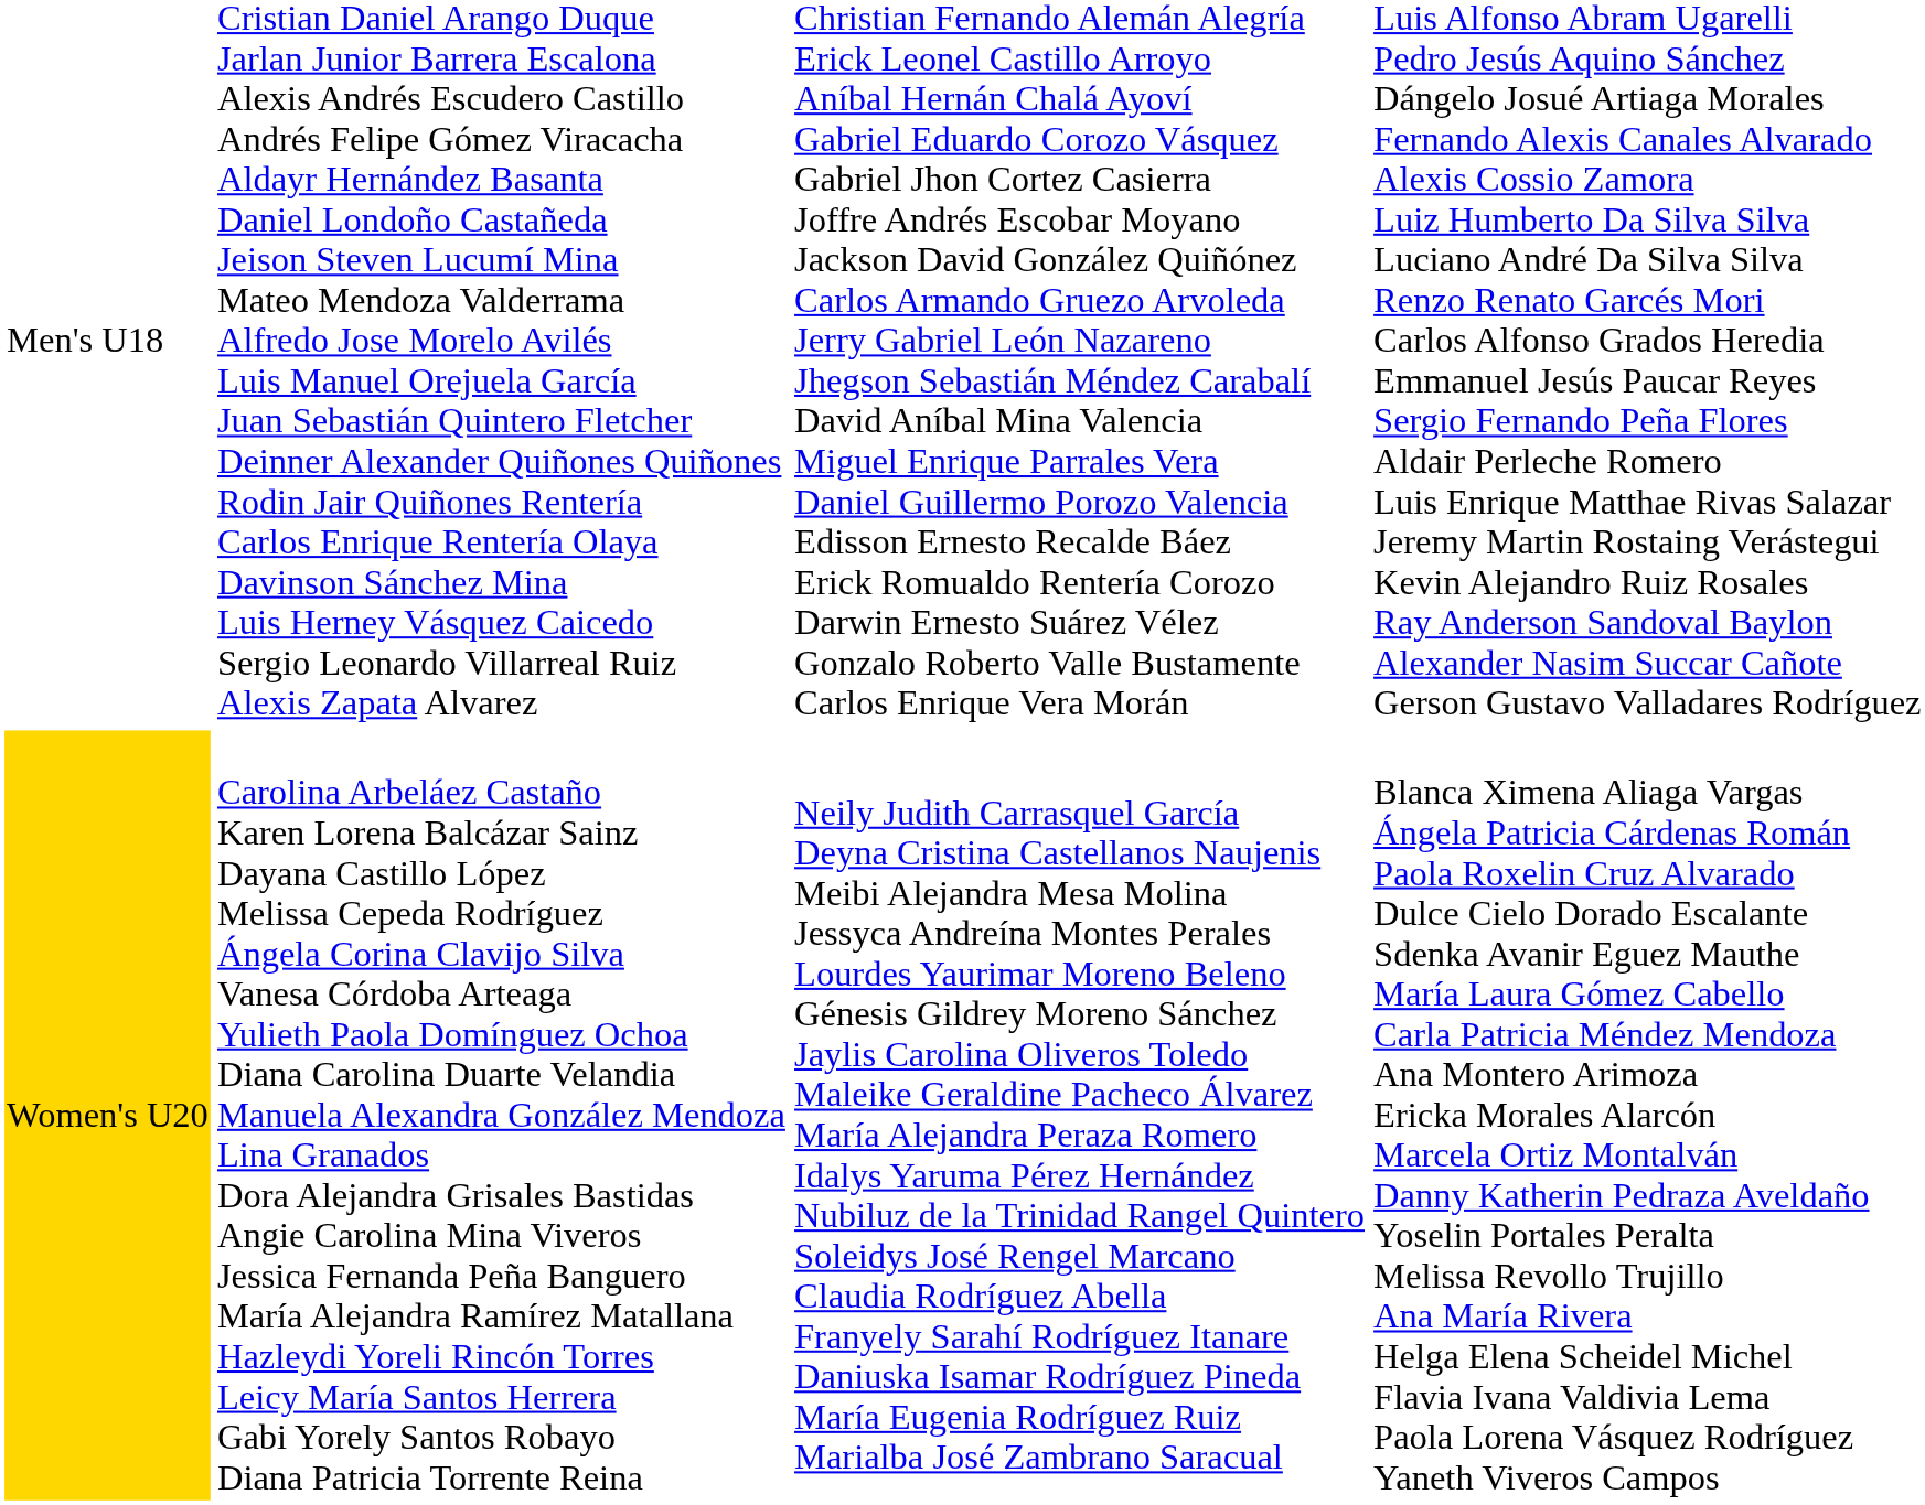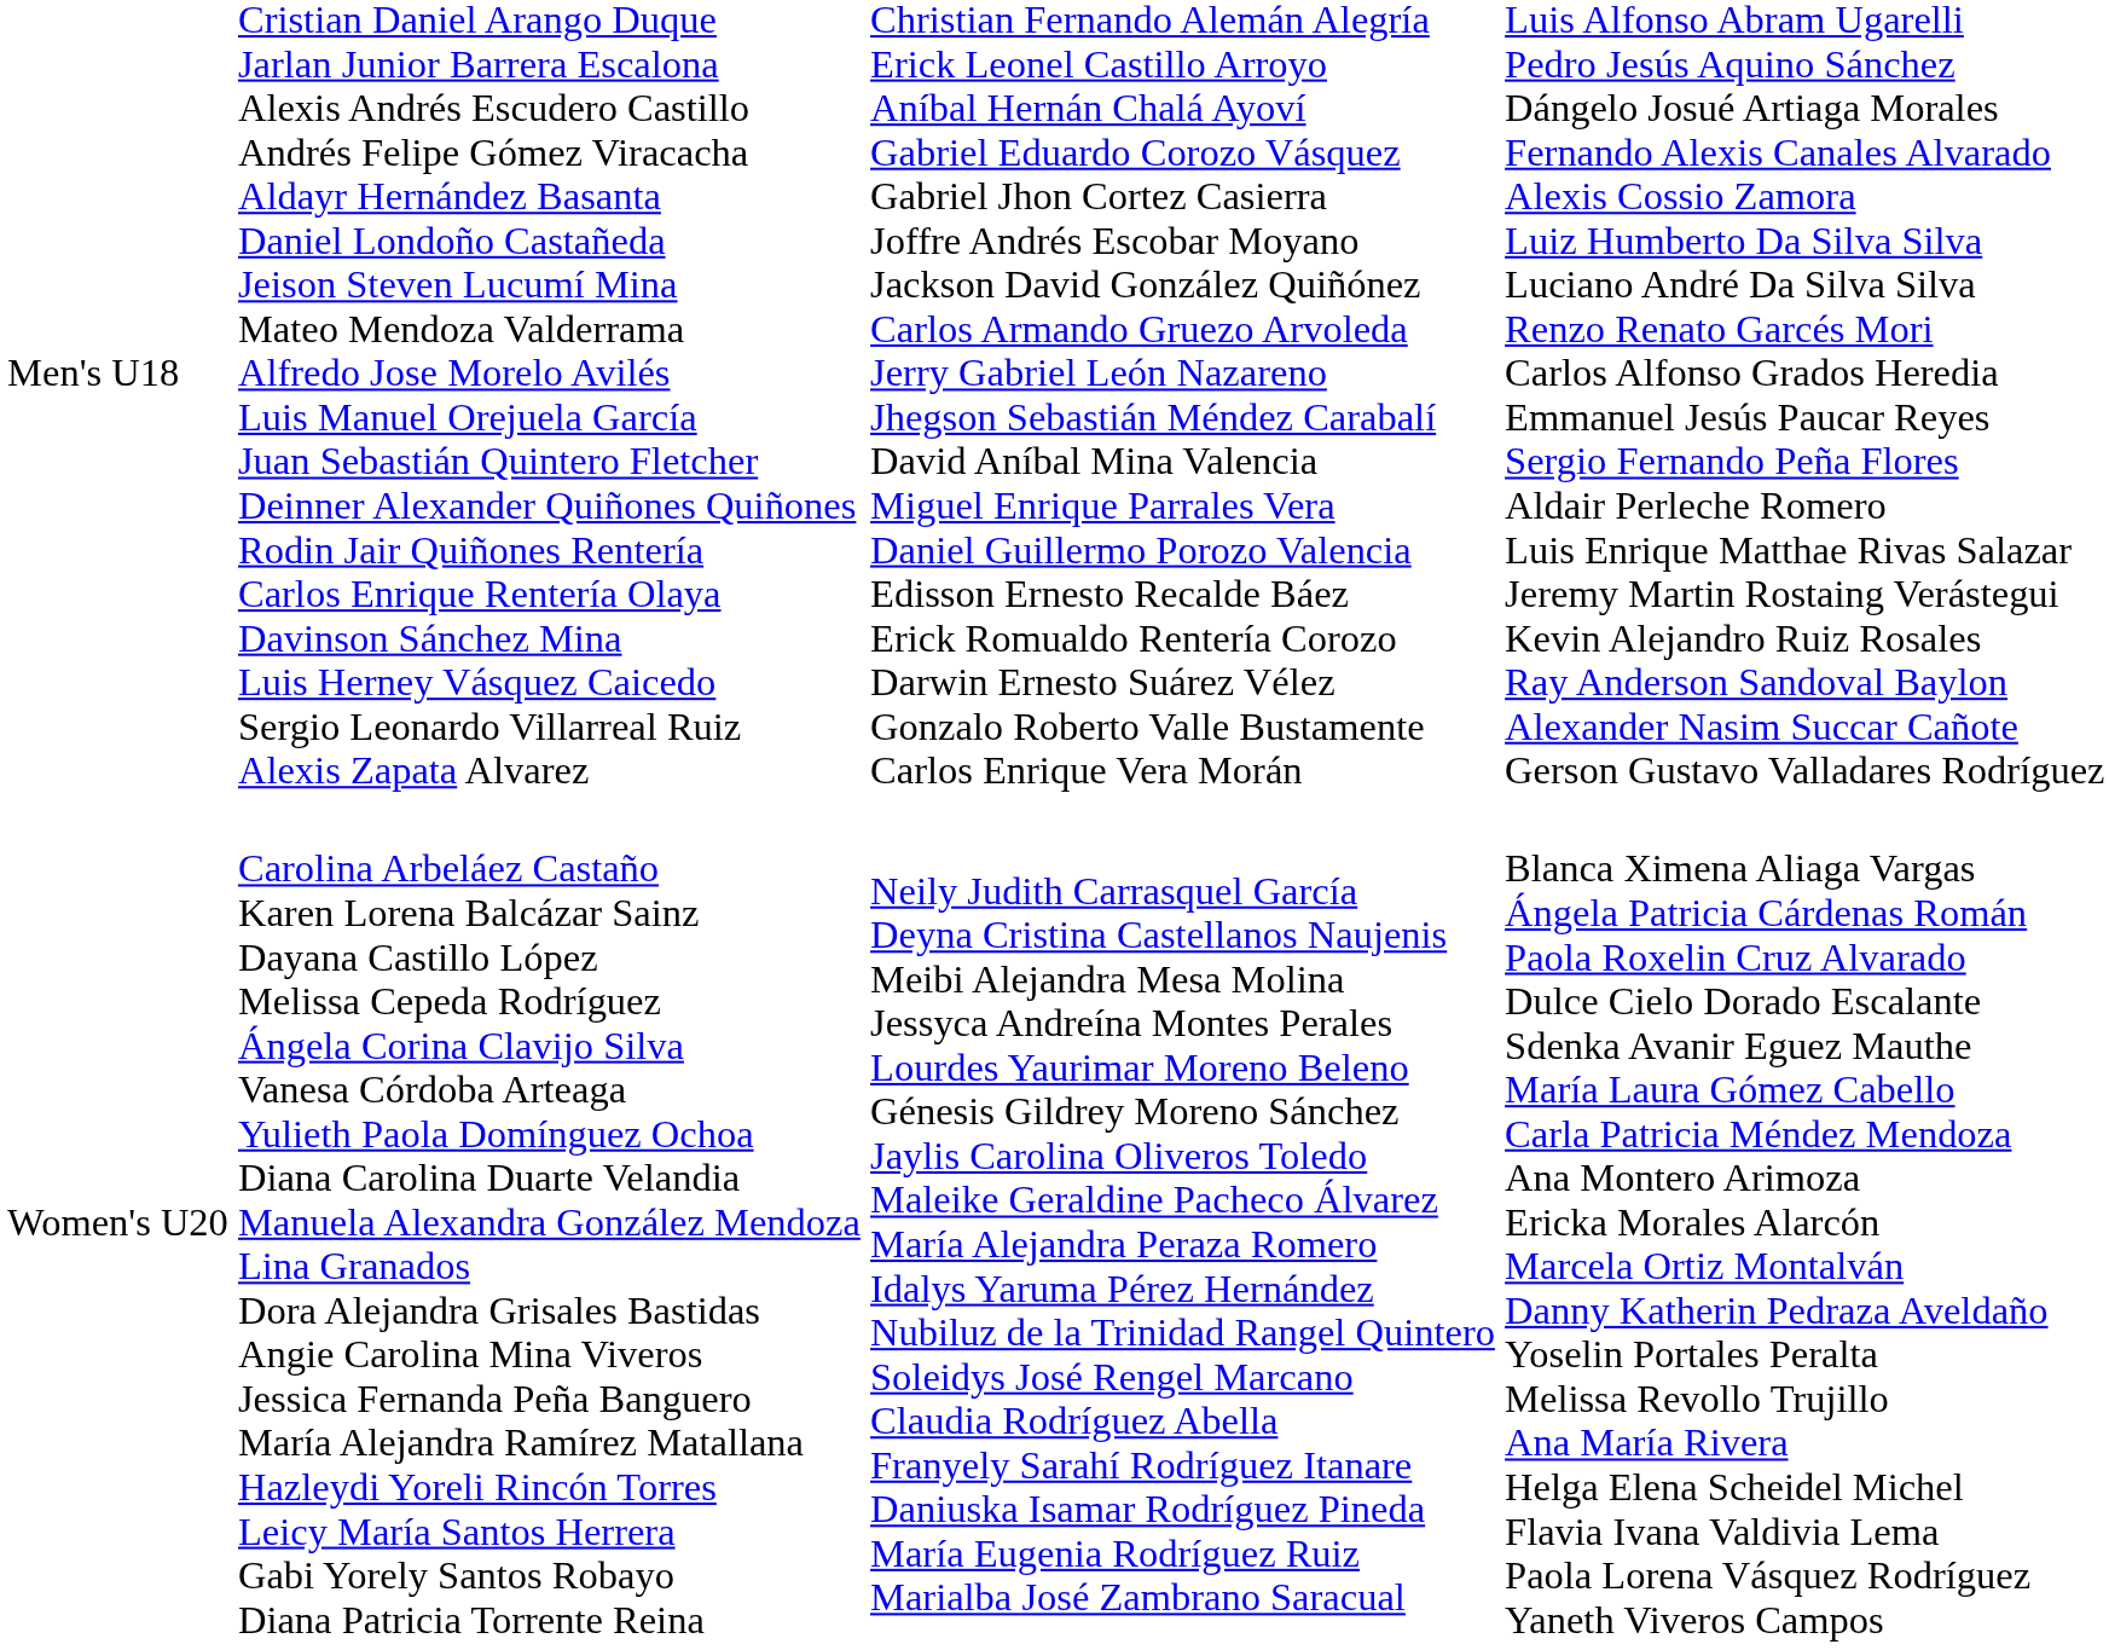 <table>
 <tr>
 <td>Men's U18</td>
 <td><br><a href='#'>Cristian Daniel Arango Duque</a><br><a href='#'>Jarlan Junior Barrera Escalona</a><br>Alexis Andrés Escudero Castillo<br>Andrés Felipe Gómez Viracacha<br><a href='#'>Aldayr Hernández Basanta</a><br><a href='#'>Daniel Londoño Castañeda</a><br><a href='#'>Jeison Steven Lucumí Mina</a><br>Mateo Mendoza Valderrama<br><a href='#'>Alfredo Jose Morelo Avilés</a><br><a href='#'>Luis Manuel Orejuela García</a><br><a href='#'>Juan Sebastián Quintero Fletcher</a><br><a href='#'>Deinner Alexander Quiñones Quiñones</a><br><a href='#'>Rodin Jair Quiñones Rentería</a><br><a href='#'>Carlos Enrique Rentería Olaya</a><br><a href='#'>Davinson Sánchez Mina</a><br><a href='#'>Luis Herney Vásquez Caicedo</a><br>Sergio Leonardo Villarreal Ruiz<br><a href='#'>Alexis Zapata</a> Alvarez</td>
 <td><br><a href='#'>Christian Fernando Alemán Alegría</a><br><a href='#'>Erick Leonel Castillo Arroyo</a><br><a href='#'>Aníbal Hernán Chalá Ayoví</a><br><a href='#'>Gabriel Eduardo Corozo Vásquez</a><br>Gabriel Jhon Cortez Casierra<br>Joffre Andrés Escobar Moyano<br>Jackson David González Quiñónez<br><a href='#'>Carlos Armando Gruezo Arvoleda</a><br><a href='#'>Jerry Gabriel León Nazareno</a><br><a href='#'>Jhegson Sebastián Méndez Carabalí</a><br>David Aníbal Mina Valencia<br><a href='#'>Miguel Enrique Parrales Vera</a><br><a href='#'>Daniel Guillermo Porozo Valencia</a><br>Edisson Ernesto Recalde Báez<br>Erick Romualdo Rentería Corozo<br>Darwin Ernesto Suárez Vélez<br>Gonzalo Roberto Valle Bustamente<br>Carlos Enrique Vera Morán</td>
 <td><br><a href='#'>Luis Alfonso Abram Ugarelli</a><br><a href='#'>Pedro Jesús Aquino Sánchez</a><br>Dángelo Josué Artiaga Morales<br><a href='#'>Fernando Alexis Canales Alvarado</a><br><a href='#'>Alexis Cossio Zamora</a><br><a href='#'>Luiz Humberto Da Silva Silva</a><br>Luciano André Da Silva Silva<br><a href='#'>Renzo Renato Garcés Mori</a><br>Carlos Alfonso Grados Heredia<br>Emmanuel Jesús Paucar Reyes<br><a href='#'>Sergio Fernando Peña Flores</a><br>Aldair Perleche Romero<br>Luis Enrique Matthae Rivas Salazar<br>Jeremy Martin Rostaing Verástegui<br>Kevin Alejandro Ruiz Rosales<br><a href='#'>Ray Anderson Sandoval Baylon</a><br><a href='#'>Alexander Nasim Succar Cañote</a><br>Gerson Gustavo Valladares Rodríguez</td>
 </tr>
 <tr>
-<td style="background: gold;">Women's U20</td>
+<td>Women's U20</td>
 <td><br><a href='#'>Carolina Arbeláez Castaño</a><br>Karen Lorena Balcázar Sainz<br>Dayana Castillo López<br>Melissa Cepeda Rodríguez<br><a href='#'>Ángela Corina Clavijo Silva</a><br>Vanesa Córdoba Arteaga<br><a href='#'>Yulieth Paola Domínguez Ochoa</a><br>Diana Carolina Duarte Velandia<br><a href='#'>Manuela Alexandra González Mendoza</a><br><a href='#'>Lina Granados</a><br>Dora Alejandra Grisales Bastidas<br>Angie Carolina Mina Viveros<br>Jessica Fernanda Peña Banguero<br>María Alejandra Ramírez Matallana<br><a href='#'>Hazleydi Yoreli Rincón Torres</a><br><a href='#'>Leicy María Santos Herrera</a><br>Gabi Yorely Santos Robayo<br>Diana Patricia Torrente Reina</td>
 <td><br><a href='#'>Neily Judith Carrasquel García</a><br><a href='#'>Deyna Cristina Castellanos Naujenis</a><br>Meibi Alejandra Mesa Molina<br>Jessyca Andreína Montes Perales<br><a href='#'>Lourdes Yaurimar Moreno Beleno</a><br>Génesis Gildrey Moreno Sánchez<br><a href='#'>Jaylis Carolina Oliveros Toledo</a><br><a href='#'>Maleike Geraldine Pacheco Álvarez</a><br><a href='#'>María Alejandra Peraza Romero</a><br><a href='#'>Idalys Yaruma Pérez Hernández</a><br><a href='#'>Nubiluz de la Trinidad Rangel Quintero</a><br><a href='#'>Soleidys José Rengel Marcano</a><br><a href='#'>Claudia Rodríguez Abella</a><br><a href='#'>Franyely Sarahí Rodríguez Itanare</a><br><a href='#'>Daniuska Isamar Rodríguez Pineda</a><br><a href='#'>María Eugenia Rodríguez Ruiz</a><br><a href='#'>Marialba José Zambrano Saracual</a></td>
 <td><br>Blanca Ximena Aliaga Vargas<br><a href='#'>Ángela Patricia Cárdenas Román</a><br><a href='#'>Paola Roxelin Cruz Alvarado</a><br>Dulce Cielo Dorado Escalante<br>Sdenka Avanir Eguez Mauthe<br><a href='#'>María Laura Gómez Cabello</a><br><a href='#'>Carla Patricia Méndez Mendoza</a><br>Ana Montero Arimoza<br>Ericka Morales Alarcón<br><a href='#'>Marcela Ortiz Montalván</a><br><a href='#'>Danny Katherin Pedraza Aveldaño</a><br>Yoselin Portales Peralta<br>Melissa Revollo Trujillo<br><a href='#'>Ana María Rivera</a><br>Helga Elena Scheidel Michel<br>Flavia Ivana Valdivia Lema<br>Paola Lorena Vásquez Rodríguez<br>Yaneth Viveros Campos</td>
 </tr>
 </table>
